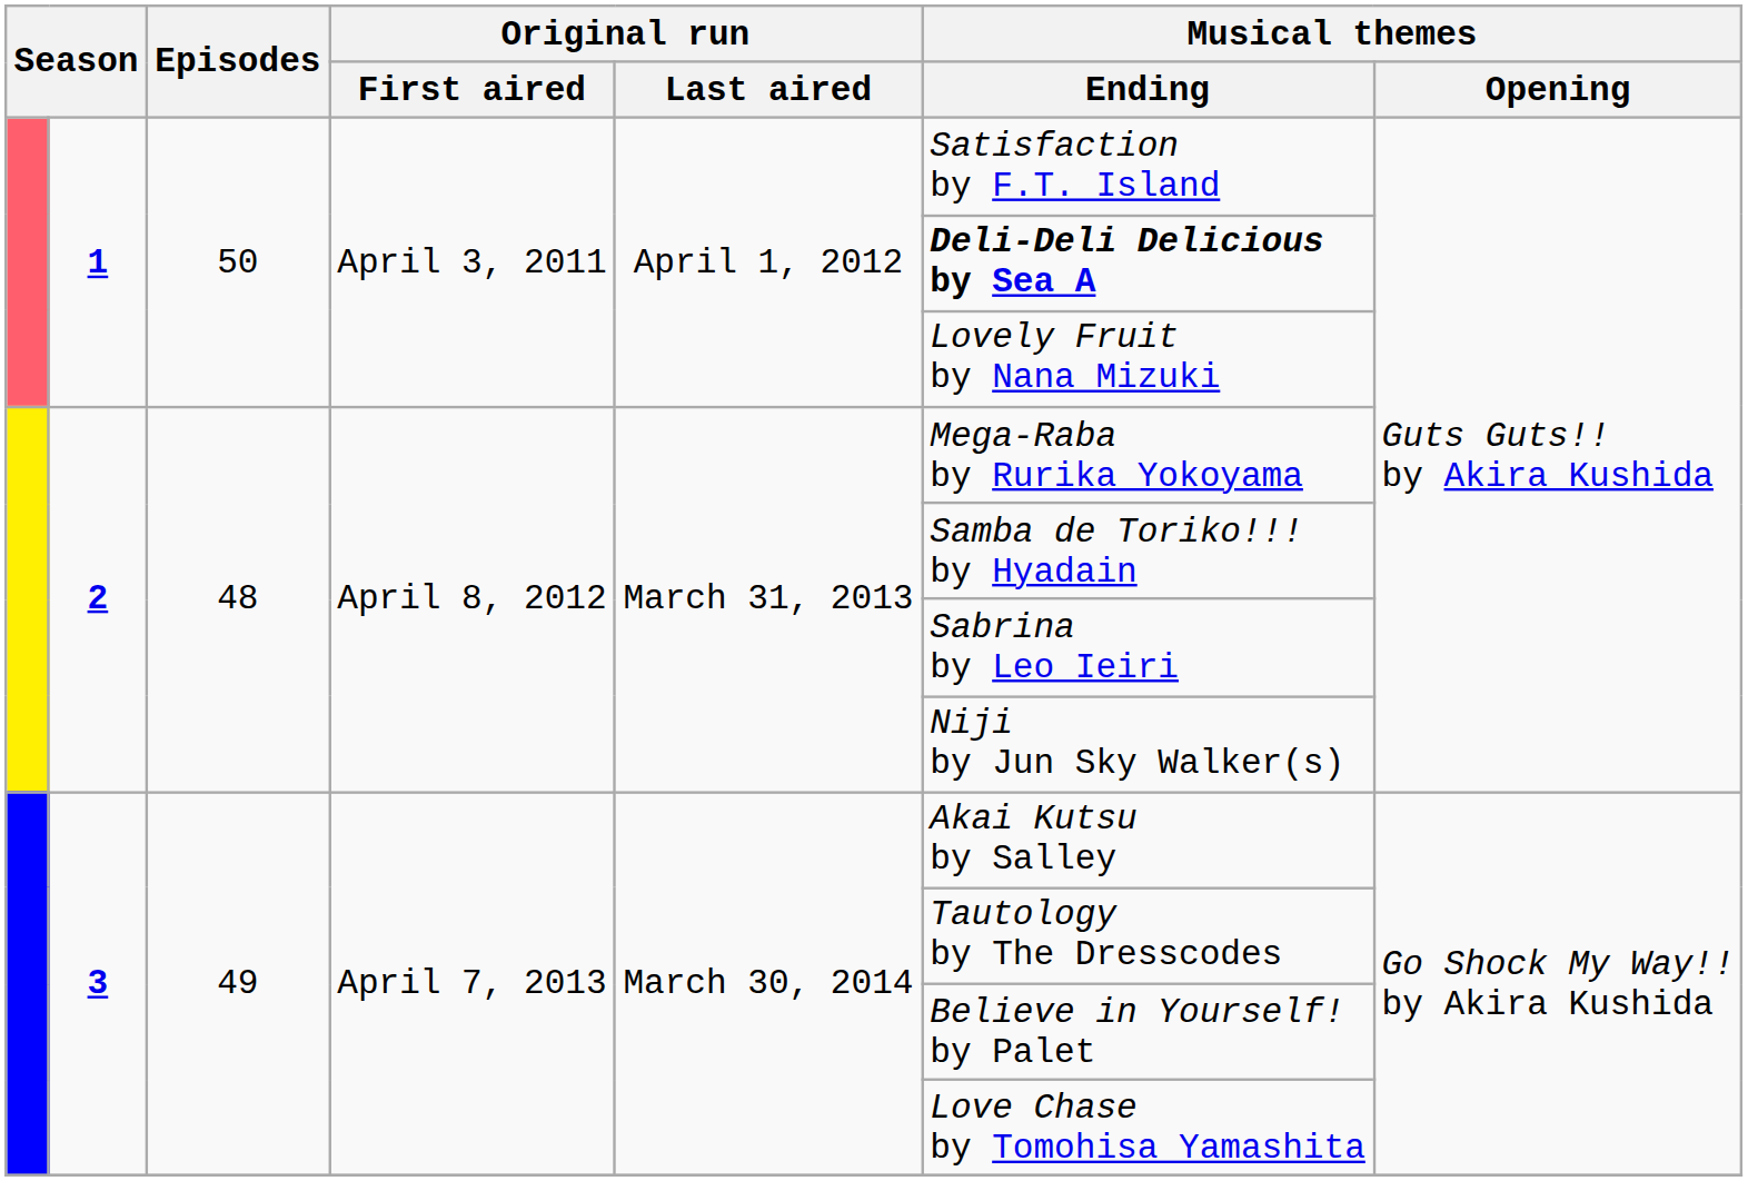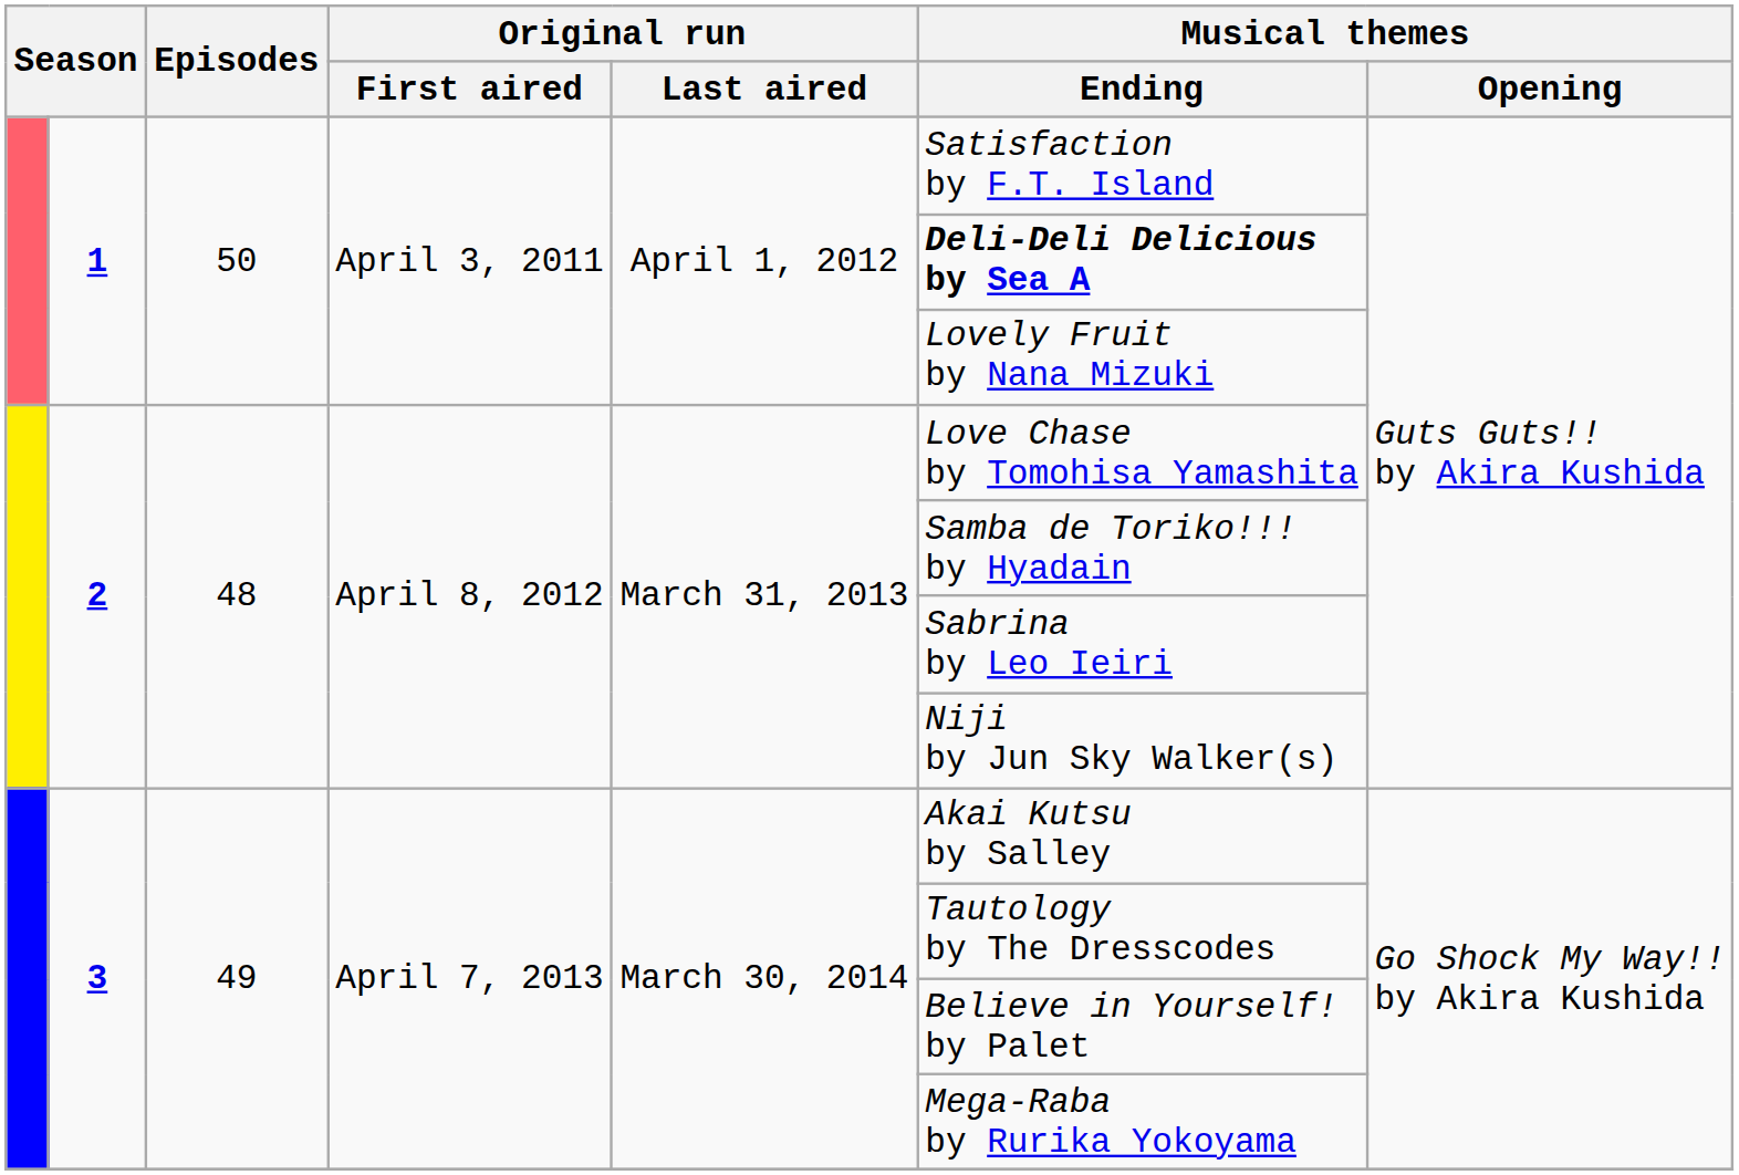 <table class="wikitable">
 <tr>
 <th rowspan="2" colspan="2">Season</th>
 <th rowspan="2">Episodes</th>
 <th colspan="2">Original run</th>
 <th colspan="2">Musical themes</th>
 </tr>
 <tr>
 <th>First aired</th>
 <th>Last aired</th>
 <th>Ending</th>
 <th>Opening</th>
 </tr>
 <tr>
 <td rowspan="3" align="center" bgcolor=#FF5F6C height="7px"></td>
 <td rowspan="3" align="center"><strong><a href='#'>1</a></strong></td>
 <td rowspan="3" align="center">50</td>
 <td rowspan="3" align="center">April 3, 2011</td>
 <td rowspan="3" align="center">April 1, 2012</td>
 <td><em>Satisfaction</em><br>by <a href='#'>F.T. Island</a></td>
 <td rowspan="7"><em>Guts Guts!!</em><br>by <a href='#'>Akira Kushida</a></td>
 </tr>
 <tr>
 <td><strong><em>Deli-Deli Delicious</em><br>by <a href='#'>Sea A</a></strong></td>
 </tr>
 <tr>
 <td><em>Lovely Fruit</em><br>by <a href='#'>Nana Mizuki</a></td>
 </tr>
 <tr>
 <td rowspan="4" align="center" bgcolor=#FFEF00 height="7px"></td>
 <td rowspan="4" align="center"><strong><a href='#'>2</a></strong></td>
 <td rowspan="4" align="center">48</td>
 <td rowspan="4" align="center">April 8, 2012</td>
 <td rowspan="4" align="center">March 31, 2013</td>
-<td><em>Mega-Raba</em><br>by <a href='#'>Rurika Yokoyama</a></td>
+<td><em>Love Chase</em><br>by <a href='#'>Tomohisa Yamashita</a></td>
 </tr>
 <tr>
 <td><em>Samba de Toriko!!!</em><br>by <a href='#'>Hyadain</a></td>
 </tr>
 <tr>
 <td><em>Sabrina</em><br>by <a href='#'>Leo Ieiri</a></td>
 </tr>
 <tr>
 <td><em>Niji</em><br>by Jun Sky Walker(s)</td>
 </tr>
 <tr>
 <td rowspan="4" align="center" bgcolor=#0000FF height="7px"></td>
 <td rowspan="4" align="center"><strong><a href='#'>3</a></strong></td>
 <td rowspan="4" align="center">49</td>
 <td rowspan="4" align="center">April 7, 2013</td>
 <td rowspan="4" align="center">March 30, 2014</td>
 <td><em>Akai Kutsu</em><br>by Salley</td>
 <td rowspan="4"><em>Go Shock My Way!!</em><br>by Akira Kushida</td>
 </tr>
 <tr>
 <td><em>Tautology</em><br>by The Dresscodes</td>
 </tr>
 <tr>
 <td><em>Believe in Yourself!</em><br>by Palet</td>
 </tr>
 <tr>
-<td><em>Love Chase</em><br>by <a href='#'>Tomohisa Yamashita</a></td>
+<td><em>Mega-Raba</em><br>by <a href='#'>Rurika Yokoyama</a></td>
 </tr>
 <tr>
 </tr>
 </table>
